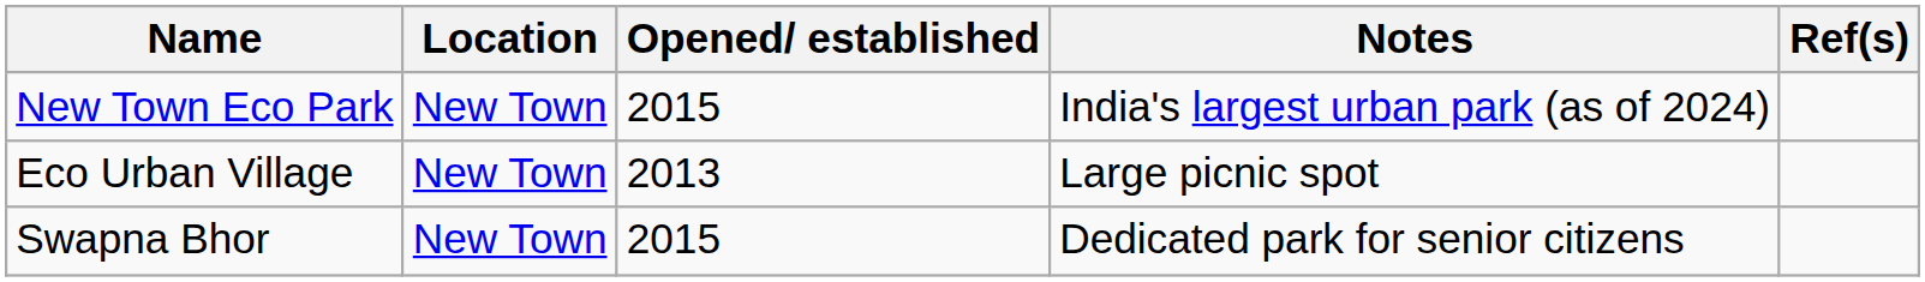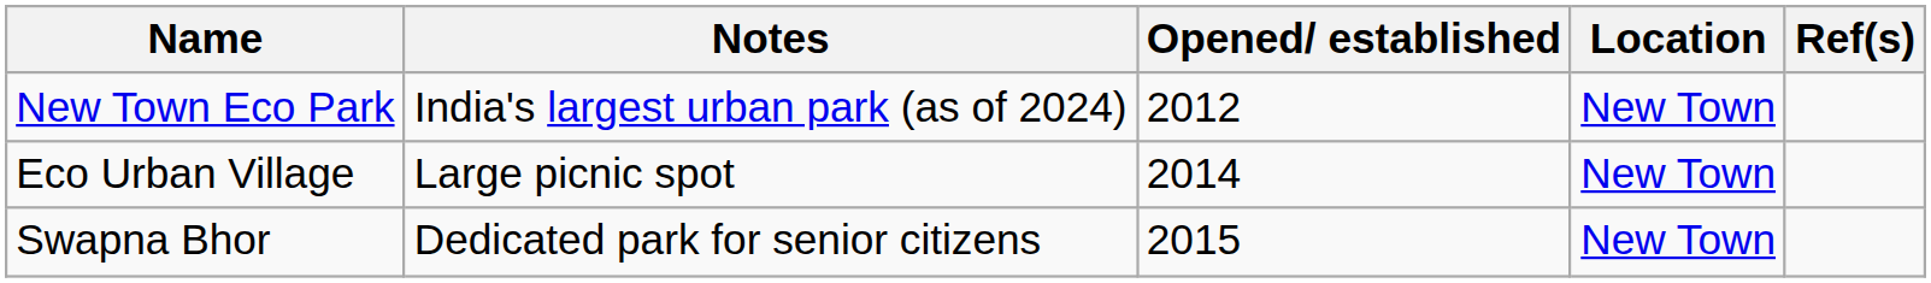 <table class="wikitable">
 <tr>
 <th>Name</th>
+<th>Notes</th>
+<th>Opened/ established</th>
 <th>Location</th>
-<th>Opened/ established</th>
-<th>Notes</th>
 <th>Ref(s)</th>
 </tr>
 <tr>
 <td><a href='#'>New Town Eco Park</a></td>
+<td>India's <a href='#'>largest urban park</a> (as of 2024)</td>
+<td>2012</td>
 <td><a href='#'>New Town</a></td>
-<td>2015</td>
-<td>India's <a href='#'>largest urban park</a> (as of 2024)</td>
 <td></td>
 </tr>
 <tr>
 <td>Eco Urban Village</td>
+<td>Large picnic spot</td>
+<td>2014</td>
 <td><a href='#'>New Town</a></td>
-<td>2013</td>
-<td>Large picnic spot</td>
 <td></td>
 </tr>
 <tr>
 <td>Swapna Bhor</td>
+<td>Dedicated park for senior citizens</td>
+<td>2015</td>
 <td><a href='#'>New Town</a></td>
-<td>2015</td>
-<td>Dedicated park for senior citizens</td>
 <td></td>
 </tr>
 </table>
